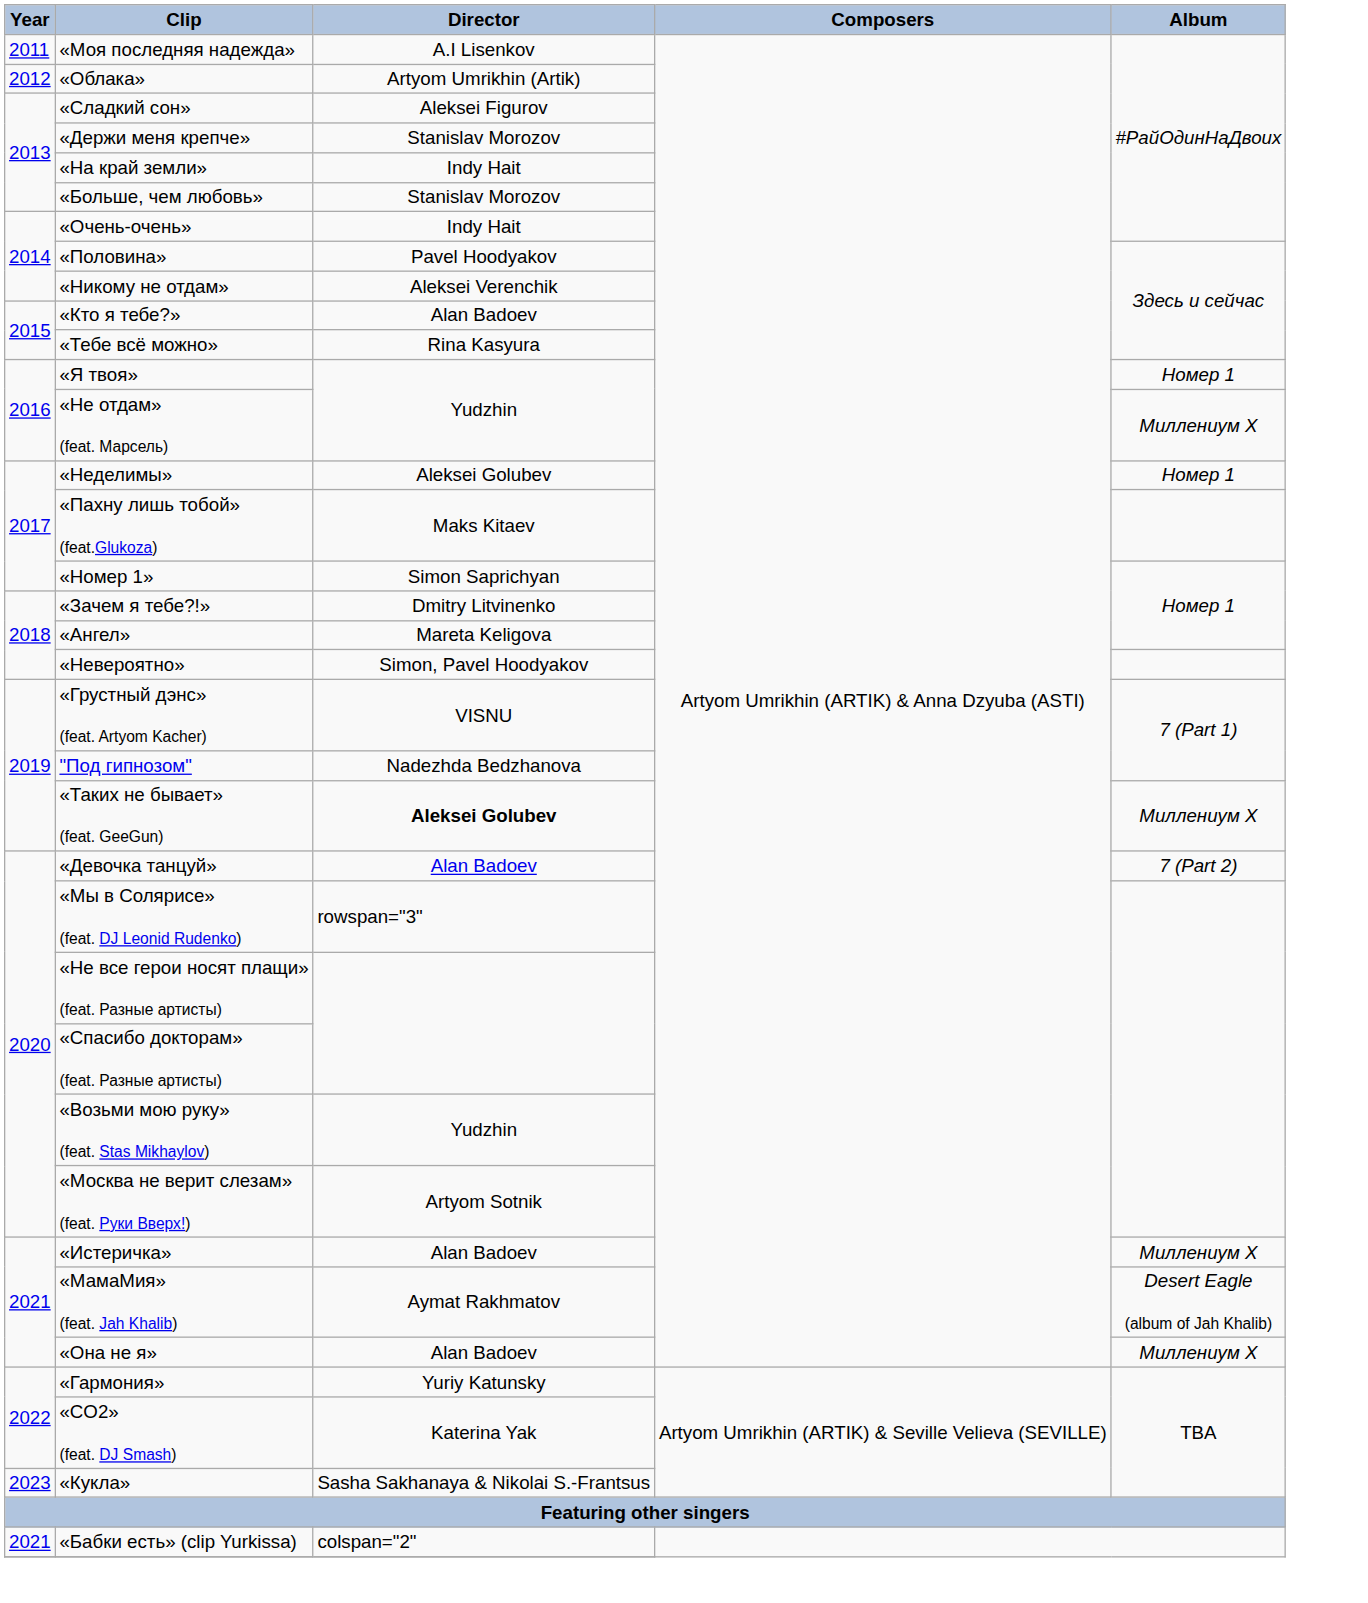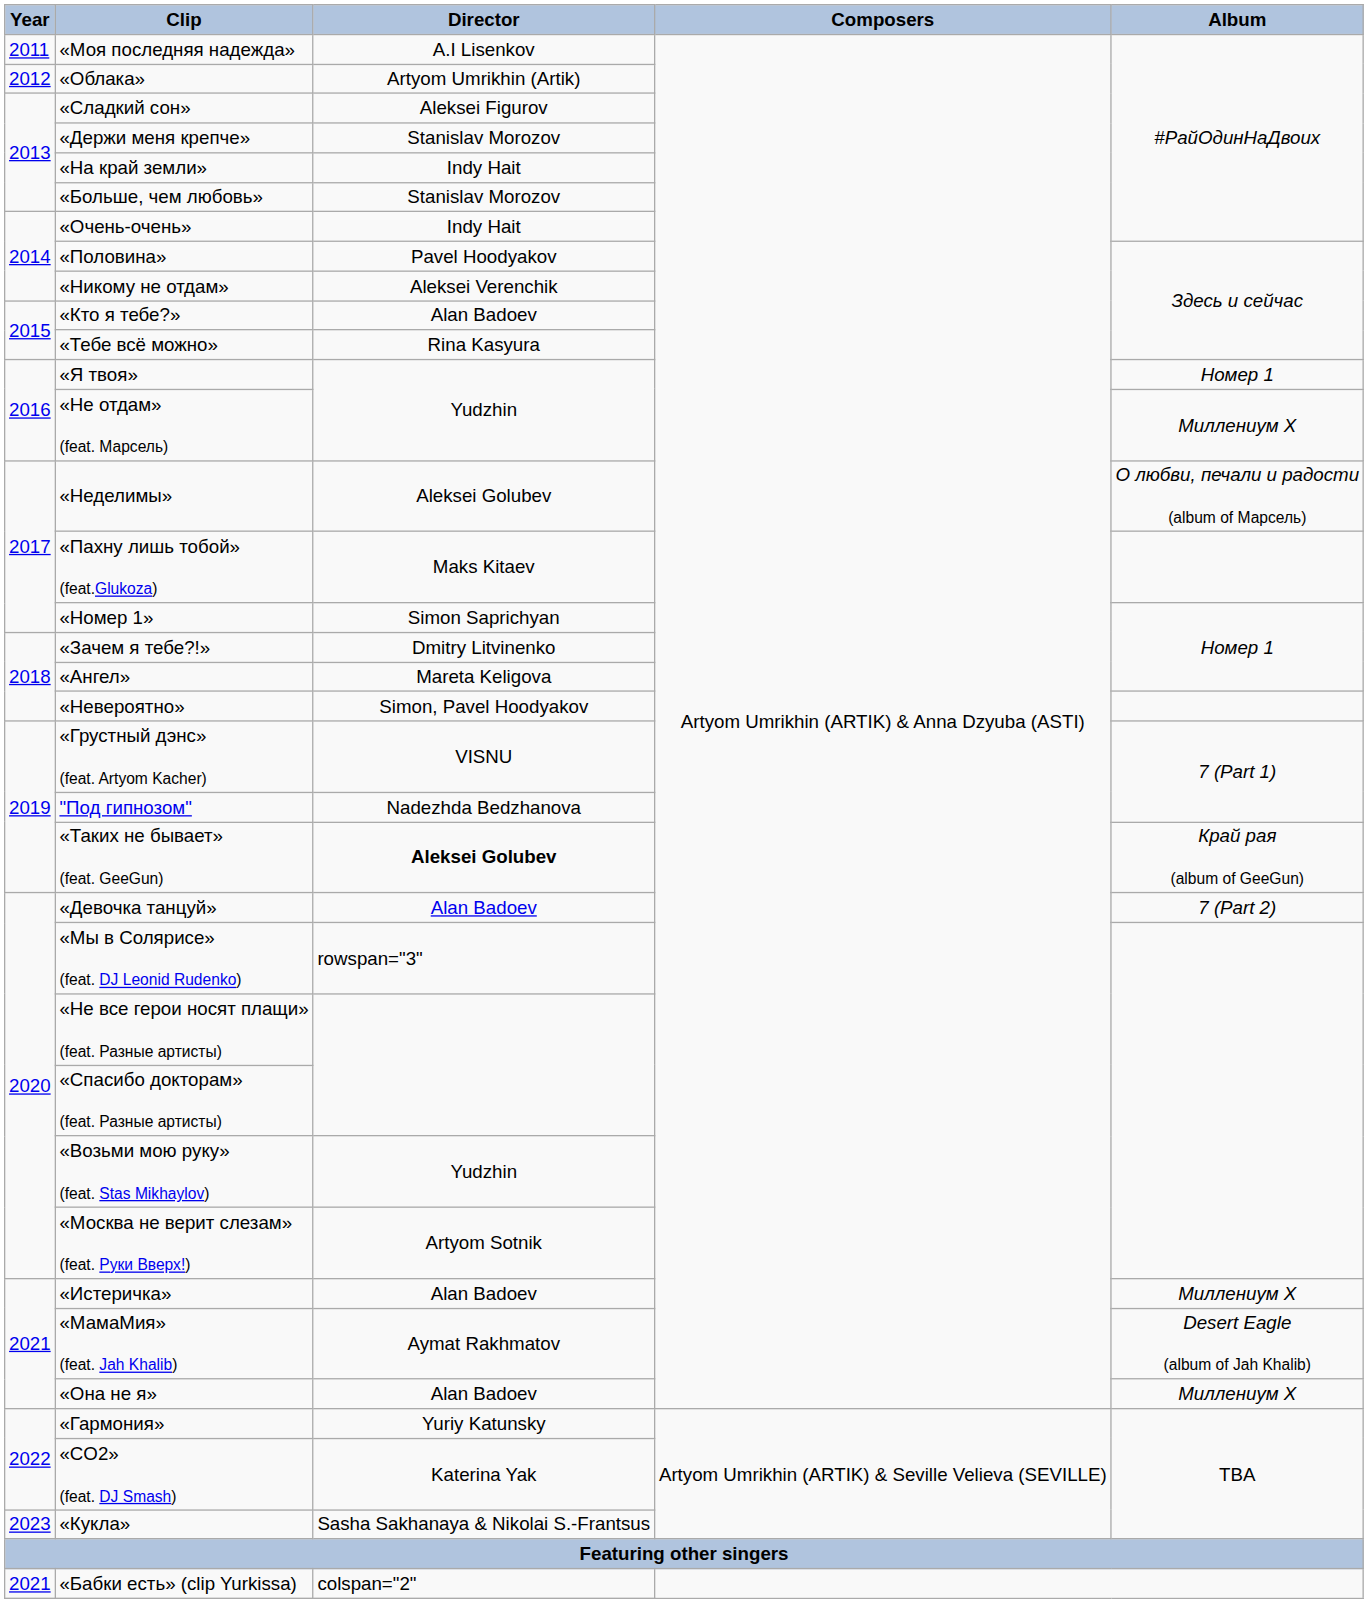 <table class="wikitable" style="font-size: 90%;">
 <tr>
 <th style="background:#B0C4DE;">Year</th>
 <th style="background:#B0C4DE;">Clip</th>
 <th style="background:#B0C4DE;">Director</th>
 <th style="background:#B0C4DE;">Composers</th>
 <th style="background:#B0C4DE;">Album</th>
 </tr>
 <tr>
 <td><a href='#'>2011</a></td>
 <td>«Моя последняя надежда»</td>
 <td style="text-align: center;">A.I Lisenkov</td>
 <td rowspan="31" style="text-align: center;">Artyom Umrikhin (ARTIK) & Anna Dzyuba (ASTI)</td>
 <td rowspan="7" style="text-align: center;"><em>#РайОдинНаДвоих</em></td>
 </tr>
 <tr>
 <td rowspan="1"><a href='#'>2012</a></td>
 <td>«Облака»</td>
 <td rowspan="1" style="text-align: center;">Artyom Umrikhin (Artik)</td>
 </tr>
 <tr>
 <td rowspan="4"><a href='#'>2013</a></td>
 <td>«Сладкий сон»</td>
 <td style="text-align: center;">Aleksei Figurov</td>
 </tr>
 <tr>
 <td>«Держи меня крепче»</td>
 <td style="text-align: center;">Stanislav Morozov</td>
 </tr>
 <tr>
 <td>«На край земли»</td>
 <td style="text-align: center;">Indy Hait</td>
 </tr>
 <tr>
 <td>«Больше, чем любовь»</td>
 <td style="text-align: center;">Stanislav Morozov</td>
 </tr>
 <tr>
 <td rowspan="3"><a href='#'>2014</a></td>
 <td>«Очень-очень»</td>
 <td style="text-align: center;">Indy Hait</td>
 </tr>
 <tr>
 <td>«Половина»</td>
 <td style="text-align: center;">Pavel Hoodyakov</td>
 <td rowspan="4" style="text-align: center;"><em>Здесь и сейчаc</em></td>
 </tr>
 <tr>
 <td>«Никому не отдам»</td>
 <td style="text-align: center;">Aleksei Verenchik</td>
 </tr>
 <tr>
 <td rowspan="2"><a href='#'>2015</a></td>
 <td>«Кто я тебе?»</td>
 <td style="text-align: center;">Alan Badoev</td>
 </tr>
 <tr>
 <td>«Тебе всё можно»</td>
 <td style="text-align: center;">Rina Kasyura</td>
 </tr>
 <tr>
 <td rowspan="2"><a href='#'>2016</a></td>
 <td>«Я твоя»</td>
 <td rowspan="2" style="text-align: center;">Yudzhin</td>
 <td style="text-align: center;"><em>Номер 1</em></td>
 </tr>
 <tr>
 <td>«Не отдам»<br><br><small>(feat. Марсель)</small></td>
 <td style="text-align: center;"><em>Миллениум Х</em></td>
 </tr>
 <tr>
 <td rowspan="3"><a href='#'>2017</a></td>
 <td>«Неделимы»</td>
 <td style="text-align: center;">Aleksei Golubev</td>
-<td style="text-align: center;"><em>Номер 1</em></td>
+<td style="text-align: center;"><em>О любви, печали и радости</em><br><br><small>(album of Марсель)</small></td>
 </tr>
 <tr>
 <td>«Пахну лишь тобой»<br><br><small>(feat.<a href='#'>Glukoza</a>)</small></td>
 <td style="text-align: center;">Maks Kitaev</td>
 <td></td>
 </tr>
 <tr>
 <td>«Номер 1»</td>
 <td style="text-align: center;">Simon Saprichyan</td>
 <td rowspan="3" style="text-align: center;"><em>Номер 1</em></td>
 </tr>
 <tr>
 <td rowspan="3"><a href='#'>2018</a></td>
 <td>«Зачем я тебе?!»</td>
 <td style="text-align: center;">Dmitry Litvinenko</td>
 </tr>
 <tr>
 <td>«Ангел»</td>
 <td style="text-align: center;">Mareta Keligova</td>
 </tr>
 <tr>
 <td>«Невероятно»</td>
 <td style="text-align: center;">Simon, Pavel Hoodyakov</td>
 <td></td>
 </tr>
 <tr>
 <td rowspan="3"><a href='#'>2019</a></td>
 <td>«Грустный дэнс»<br><br><small>(feat. Artyom Kacher)</small></td>
 <td style="text-align: center;">VISNU</td>
 <td rowspan="2" style="text-align: center;"><em>7 (Part 1)</em></td>
 </tr>
 <tr>
 <td><a href='#'>"Под гипнозом"</a></td>
 <td style="text-align: center;">Nadezhda Bedzhanova</td>
 </tr>
 <tr>
 <td>«Таких не бывает»<br><br><small>(feat. GeeGun)</small></td>
 <td style="text-align: center;"><strong>Aleksei Golubev</strong></td>
-<td style="text-align: center;"><em>Миллениум Х</em></td>
+<td style="text-align: center;"><em>Край рая</em><br><br><small>(album of GeeGun)</small></td>
 </tr>
 <tr>
 <td rowspan="6"><a href='#'>2020</a></td>
 <td>«Девочка танцуй»</td>
 <td style="text-align: center;"><a href='#'>Alan Badoev</a></td>
 <td rowspan="1" style="text-align: center;"><em>7 (Part 2)</em></td>
 </tr>
 <tr>
 <td>«Мы в Солярисе»<br><br><small> (feat. <a href='#'>DJ Leonid Rudenko</a>)</small></td>
 <td>rowspan="3" </td>
 </tr>
 <tr>
 <td>«Не все герои носят плащи» <br><br><small> (feat. Разные артисты)</small></td>
 </tr>
 <tr>
 <td>«Спасибо докторам»<br><br><small>(feat. Разные артисты) </small></td>
 </tr>
 <tr>
 <td>«Возьми мою руку»<br><br><small> (feat. <a href='#'>Stas Mikhaylov</a>)</small></td>
 <td style="text-align: center;">Yudzhin</td>
 </tr>
 <tr>
 <td>«Москва не верит слезам»<br><br><small>(feat. <a href='#'>Руки Вверх!</a>)</small></td>
 <td style="text-align: center;">Artyom Sotnik</td>
 </tr>
 <tr>
 <td rowspan="3"><a href='#'>2021</a></td>
 <td>«Истеричка»</td>
 <td style="text-align: center;">Alan Badoev</td>
 <td style="text-align: center;"><em>Миллениум Х</em></td>
 </tr>
 <tr>
 <td>«МамаМия»<br><br><small> (feat. <a href='#'>Jah Khalib</a>)</small></td>
 <td style="text-align: center;">Aymat Rakhmatov</td>
 <td style="text-align: center;"><em>Desert Eagle</em><br><br><small>(album of Jah Khalib)</small></td>
 </tr>
 <tr>
 <td>«Она не я»</td>
 <td style="text-align: center;">Alan Badoev</td>
 <td style="text-align: center;"><em>Миллениум Х</em></td>
 </tr>
 <tr>
 <td rowspan="2"><a href='#'>2022</a></td>
 <td>«Гармония»</td>
 <td style="text-align: center;">Yuriy Katunsky</td>
 <td rowspan="3" style="text-align: center;">Artyom Umrikhin (ARTIK) & Seville Velieva (SEVILLE)</td>
 <td rowspan="3" style="text-align: center;">TBA</td>
 </tr>
 <tr>
 <td>«CO2»<br><br><small>(feat. <a href='#'>DJ Smash</a>)</small></td>
 <td style="text-align: center;">Katerina Yak</td>
 </tr>
 <tr>
 <td><a href='#'>2023</a></td>
 <td>«Кукла»</td>
 <td>Sasha Sakhanaya & Nikolai S.-Frantsus</td>
 </tr>
 <tr>
 <th colspan="5" style="background:#B0C4DE;">Featuring other singers</th>
 </tr>
 <tr>
 <td><a href='#'>2021</a></td>
 <td>«Бабки есть» (clip Yurkissa)</td>
 <td>colspan="2" </td>
 </tr>
 <tr>
 </tr>
 </table>
